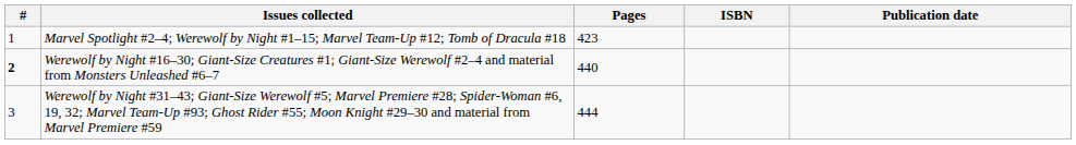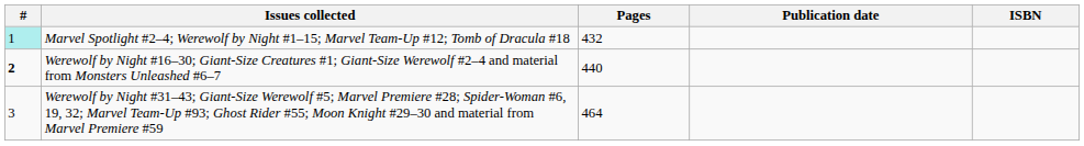 <table class="wikitable sortable" width=98%>
 <tr>
 <th class="unsortable">#</th>
 <th class="unsortable" width="50%">Issues collected</th>
 <th>Pages</th>
+<th>Publication date</th>
 <th class="unsortable">ISBN</th>
-<th>Publication date</th>
 </tr>
 <tr>
-<td>1</td>
+<td style="background: paleturquoise;">1</td>
 <td><em>Marvel Spotlight</em> #2–4; <em>Werewolf by Night</em> #1–15; <em>Marvel Team-Up</em> #12; <em>Tomb of Dracula</em> #18</td>
-<td>423</td>
+<td>432</td>
 <td></td>
 <td></td>
 </tr>
 <tr>
 <td><strong>2</strong></td>
 <td><em>Werewolf by Night</em> #16–30; <em>Giant-Size Creatures</em> #1; <em>Giant-Size Werewolf</em> #2–4 and material from <em>Monsters Unleashed</em> #6–7</td>
 <td>440</td>
 <td></td>
 <td></td>
 </tr>
 <tr>
 <td>3</td>
 <td><em>Werewolf by Night</em> #31–43; <em>Giant-Size Werewolf</em> #5; <em>Marvel Premiere</em> #28; <em>Spider-Woman</em> #6, 19, 32; <em>Marvel Team-Up</em> #93; <em>Ghost Rider</em> #55; <em>Moon Knight</em> #29–30 and material from <em>Marvel Premiere</em> #59</td>
-<td>444</td>
+<td>464</td>
 <td></td>
 <td></td>
 </tr>
 </table>
